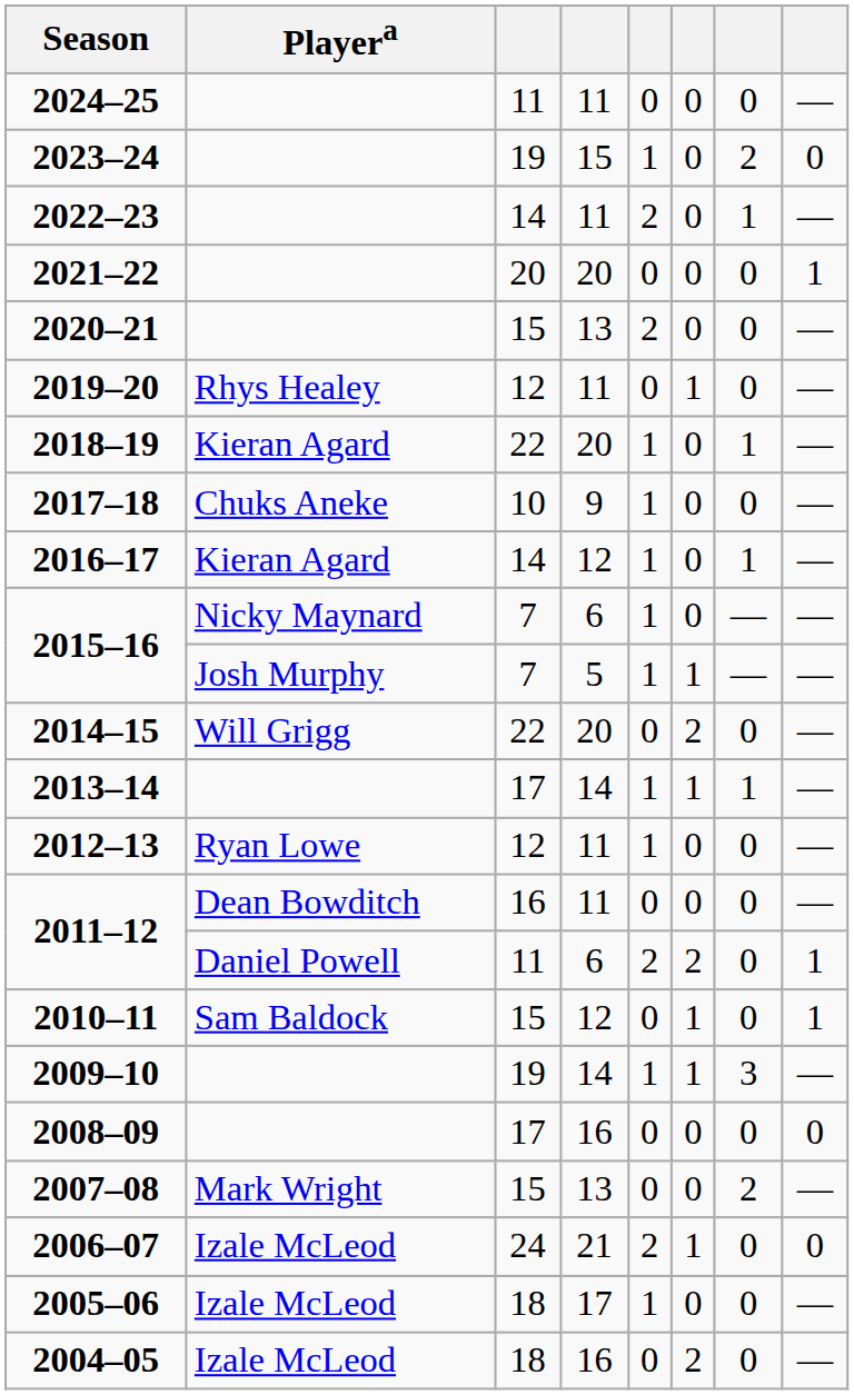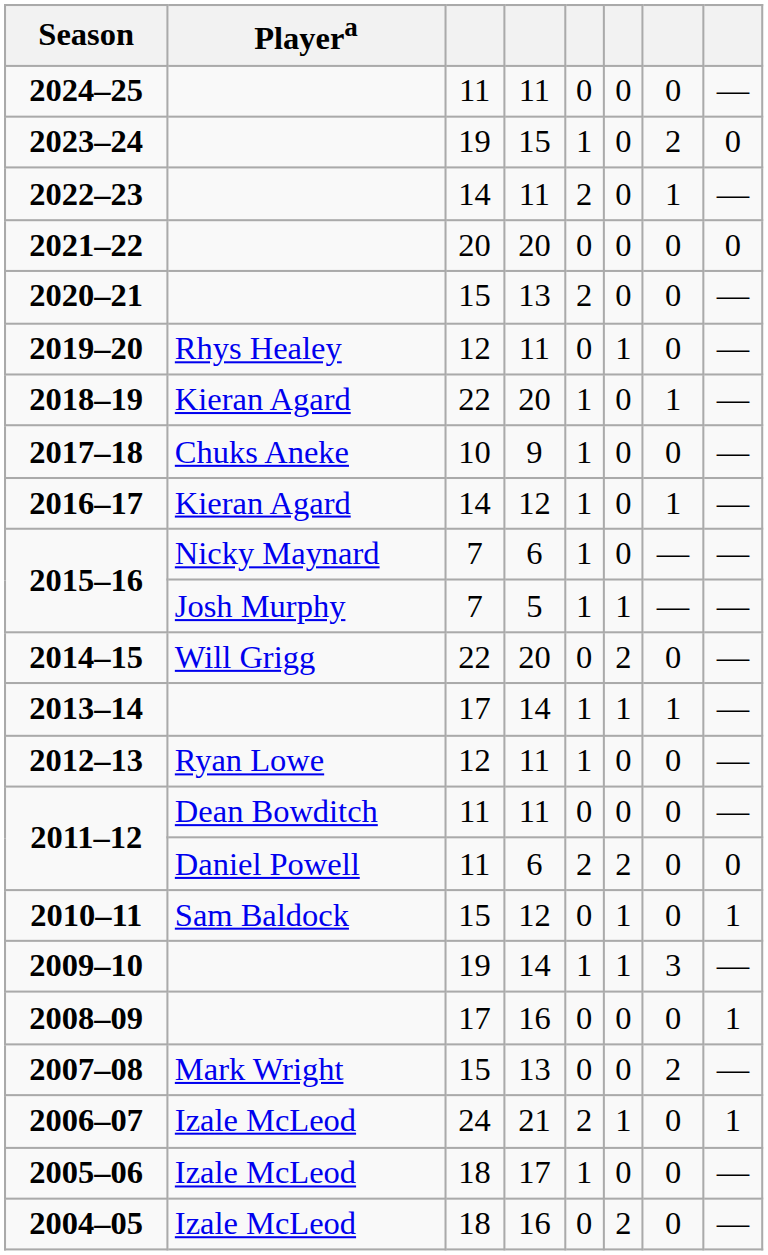 <table class="wikitable sortable" style="width:60%; align:center; text-align:center">
 <tr>
 <th>Season</th>
 <th class="unsortable">Player<sup>a</sup></th>
 <th></th>
 <th></th>
 <th></th>
 <th></th>
 <th></th>
 <th></th>
 </tr>
 <tr>
 <td><strong>2024–25</strong></td>
 <td align="left"></td>
 <td>11</td>
 <td>11</td>
 <td>0</td>
 <td>0</td>
 <td>0</td>
 <td>—</td>
 </tr>
 <tr>
 <td><strong>2023–24</strong></td>
 <td align="left"></td>
 <td>19</td>
 <td>15</td>
 <td>1</td>
 <td>0</td>
 <td>2</td>
 <td>0</td>
 </tr>
 <tr>
 <td><strong>2022–23</strong></td>
 <td align="left"></td>
 <td>14</td>
 <td>11</td>
 <td>2</td>
 <td>0</td>
 <td>1</td>
 <td>—</td>
 </tr>
 <tr>
 <td><strong>2021–22</strong></td>
 <td align="left"></td>
 <td>20</td>
 <td>20</td>
 <td>0</td>
 <td>0</td>
 <td>0</td>
-<td>1</td>
+<td>0</td>
 </tr>
 <tr>
 <td><strong>2020–21</strong></td>
 <td align="left"></td>
 <td>15</td>
 <td>13</td>
 <td>2</td>
 <td>0</td>
 <td>0</td>
 <td>—</td>
 </tr>
 <tr>
 <td><strong>2019–20</strong></td>
 <td align="left"> <a href='#'>Rhys Healey</a></td>
 <td>12</td>
 <td>11</td>
 <td>0</td>
 <td>1</td>
 <td>0</td>
 <td>—</td>
 </tr>
 <tr>
 <td><strong>2018–19</strong></td>
 <td align="left"> <a href='#'>Kieran Agard</a></td>
 <td>22</td>
 <td>20</td>
 <td>1</td>
 <td>0</td>
 <td>1</td>
 <td>—</td>
 </tr>
 <tr>
 <td><strong>2017–18</strong></td>
 <td align="left"> <a href='#'>Chuks Aneke</a></td>
 <td>10</td>
 <td>9</td>
 <td>1</td>
 <td>0</td>
 <td>0</td>
 <td>—</td>
 </tr>
 <tr>
 <td><strong>2016–17</strong></td>
 <td align="left"> <a href='#'>Kieran Agard</a></td>
 <td>14</td>
 <td>12</td>
 <td>1</td>
 <td>0</td>
 <td>1</td>
 <td>—</td>
 </tr>
 <tr>
 <td rowspan=2><strong>2015–16</strong></td>
 <td align="left"> <a href='#'>Nicky Maynard</a></td>
 <td>7</td>
 <td>6</td>
 <td>1</td>
 <td>0</td>
 <td>—</td>
 <td>—</td>
 </tr>
 <tr>
 <td align="left"> <a href='#'>Josh Murphy</a></td>
 <td>7</td>
 <td>5</td>
 <td>1</td>
 <td>1</td>
 <td>—</td>
 <td>—</td>
 </tr>
 <tr>
 <td><strong>2014–15</strong></td>
 <td align="left"> <a href='#'>Will Grigg</a></td>
 <td>22</td>
 <td>20</td>
 <td>0</td>
 <td>2</td>
 <td>0</td>
 <td>—</td>
 </tr>
 <tr>
 <td><strong>2013–14</strong></td>
 <td align="left"></td>
 <td>17</td>
 <td>14</td>
 <td>1</td>
 <td>1</td>
 <td>1</td>
 <td>—</td>
 </tr>
 <tr>
 <td><strong>2012–13</strong></td>
 <td align="left"> <a href='#'>Ryan Lowe</a></td>
 <td>12</td>
 <td>11</td>
 <td>1</td>
 <td>0</td>
 <td>0</td>
 <td>—</td>
 </tr>
 <tr>
 <td rowspan=2><strong>2011–12</strong></td>
 <td align="left"> <a href='#'>Dean Bowditch</a></td>
-<td>16</td>
+<td>11</td>
 <td>11</td>
 <td>0</td>
 <td>0</td>
 <td>0</td>
 <td>—</td>
 </tr>
 <tr>
 <td align="left"> <a href='#'>Daniel Powell</a></td>
 <td>11</td>
 <td>6</td>
 <td>2</td>
 <td>2</td>
 <td>0</td>
-<td>1</td>
+<td>0</td>
 </tr>
 <tr>
 <td><strong>2010–11</strong></td>
 <td align="left"> <a href='#'>Sam Baldock</a></td>
 <td>15</td>
 <td>12</td>
 <td>0</td>
 <td>1</td>
 <td>0</td>
 <td>1</td>
 </tr>
 <tr>
 <td><strong>2009–10</strong></td>
 <td align="left"></td>
 <td>19</td>
 <td>14</td>
 <td>1</td>
 <td>1</td>
 <td>3</td>
 <td>—</td>
 </tr>
 <tr>
 <td><strong>2008–09</strong></td>
 <td align="left"></td>
 <td>17</td>
 <td>16</td>
 <td>0</td>
 <td>0</td>
 <td>0</td>
-<td>0</td>
+<td>1</td>
 </tr>
 <tr>
 <td><strong>2007–08</strong></td>
 <td align="left"> <a href='#'>Mark Wright</a></td>
 <td>15</td>
 <td>13</td>
 <td>0</td>
 <td>0</td>
 <td>2</td>
 <td>—</td>
 </tr>
 <tr>
 <td><strong>2006–07</strong></td>
 <td align="left"> <a href='#'>Izale McLeod</a></td>
 <td>24</td>
 <td>21</td>
 <td>2</td>
 <td>1</td>
 <td>0</td>
-<td>0</td>
+<td>1</td>
 </tr>
 <tr>
 <td><strong>2005–06</strong></td>
 <td align="left"> <a href='#'>Izale McLeod</a></td>
 <td>18</td>
 <td>17</td>
 <td>1</td>
 <td>0</td>
 <td>0</td>
 <td>—</td>
 </tr>
 <tr>
 <td><strong>2004–05</strong></td>
 <td align="left"> <a href='#'>Izale McLeod</a></td>
 <td>18</td>
 <td>16</td>
 <td>0</td>
 <td>2</td>
 <td>0</td>
 <td>—</td>
 </tr>
 </table>
